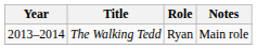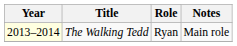 <table class="wikitable sortable">
 <tr>
 <th>Year</th>
 <th>Title</th>
 <th>Role</th>
 <th>Notes</th>
 </tr>
 <tr>
-<td>2013–2014</td>
+<td style="background: lightyellow;">2013–2014</td>
 <td><em>The Walking Tedd</em></td>
 <td>Ryan</td>
 <td>Main role</td>
 </tr>
 <tr>
 </tr>
 </table>
